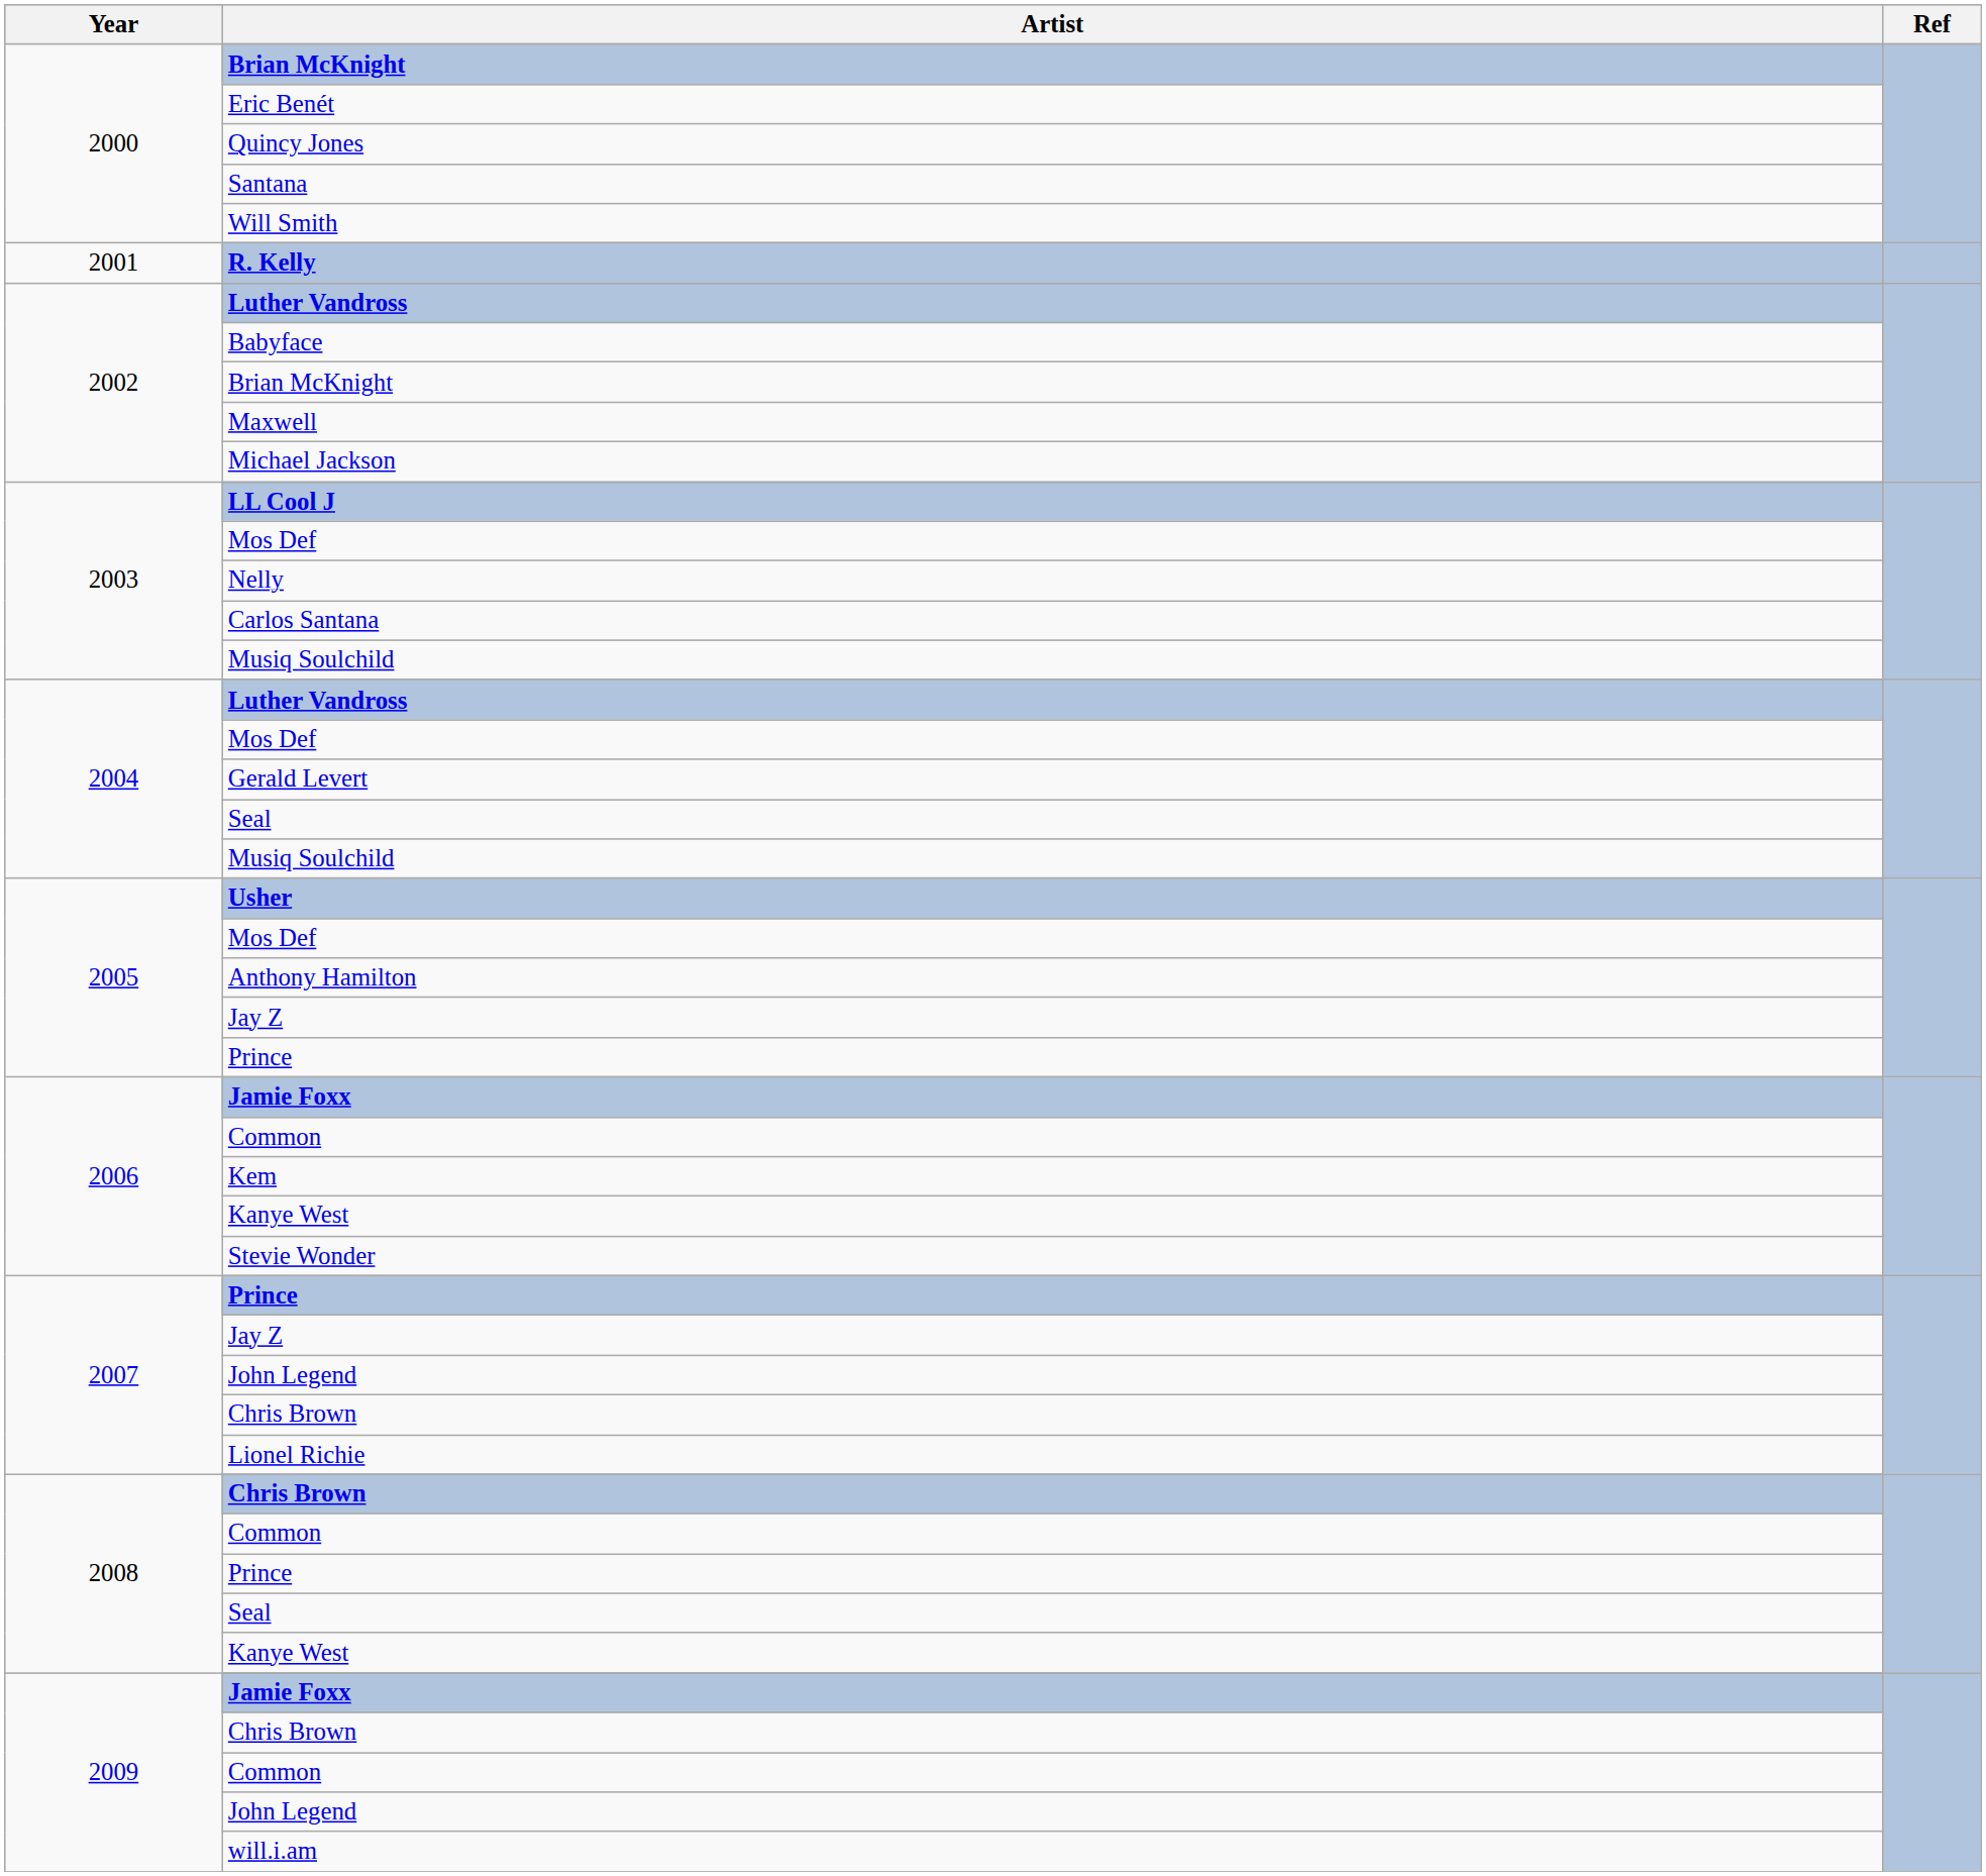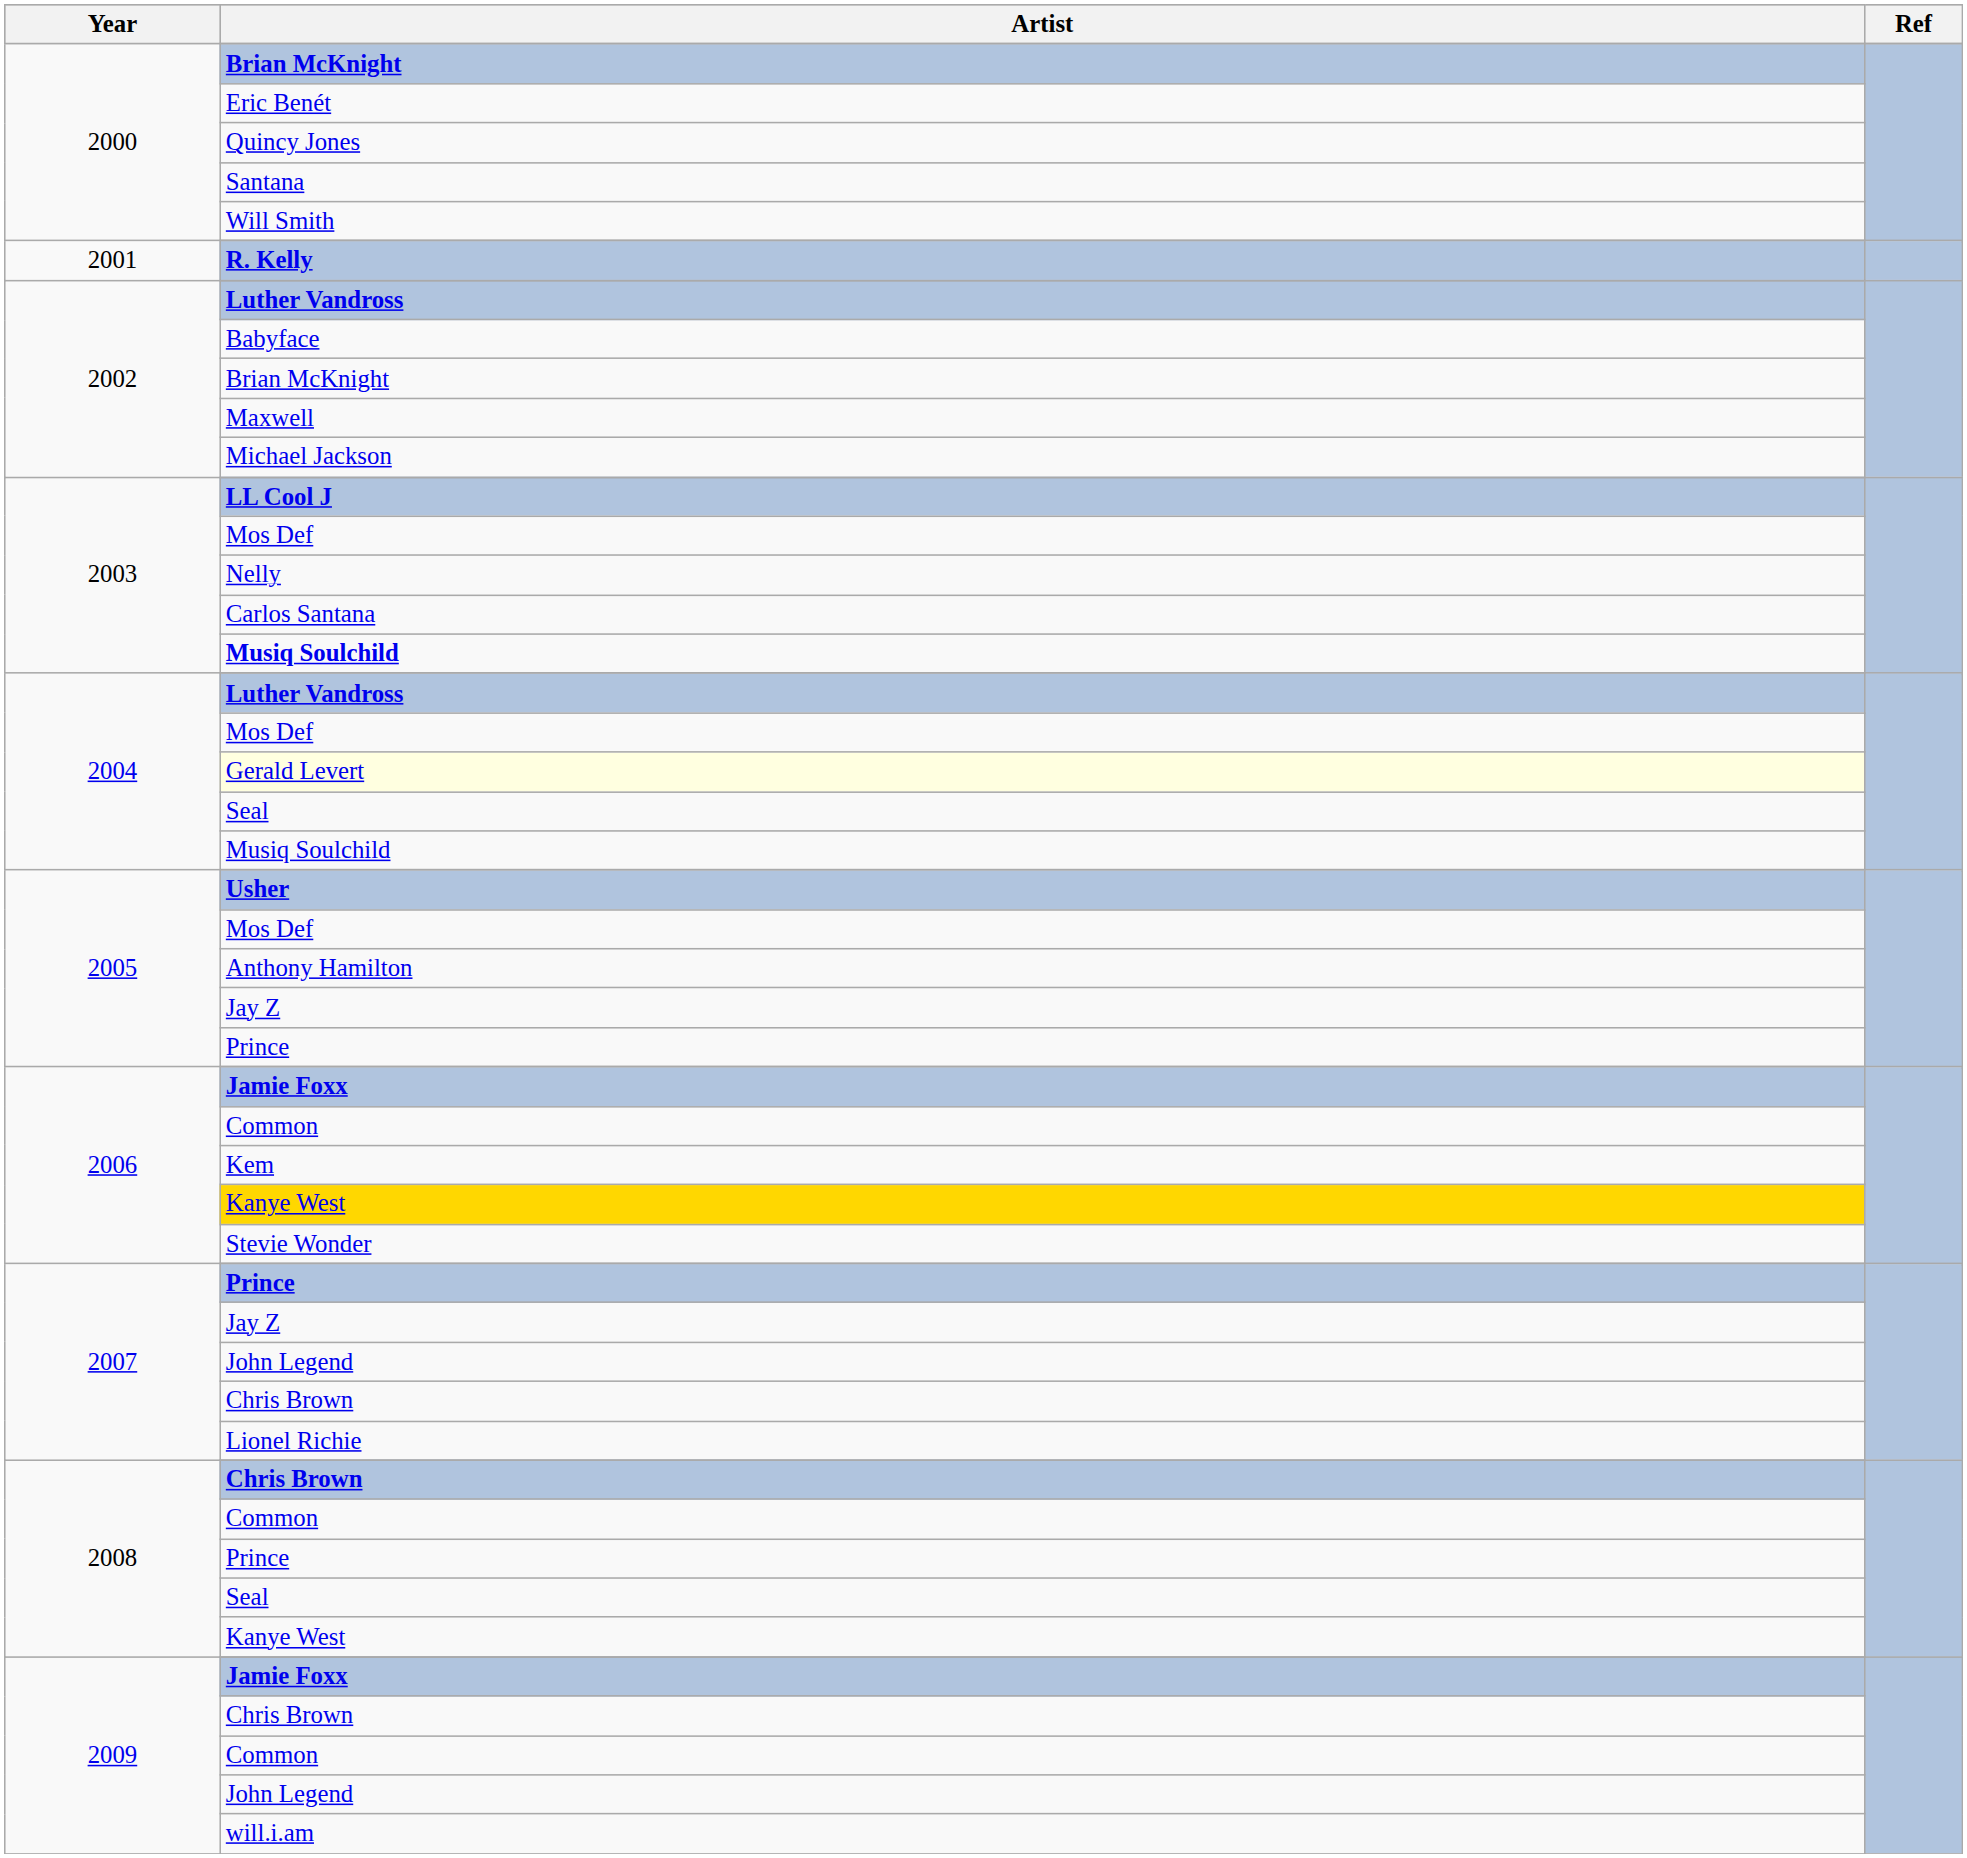 <table class="wikitable" style="width:100%;">
 <tr style="background:#bebebe;">
 <th style="width:11%;">Year</th>
 <th style="width:84%;">Artist</th>
 <th style="width:5%;">Ref</th>
 </tr>
 <tr>
 <td rowspan="6" align="center">2000</td>
 </tr>
 <tr style="background:#B0C4DE">
 <td><strong><a href='#'>Brian McKnight</a></strong></td>
 <td rowspan="6" align="center"></td>
 </tr>
 <tr>
 <td><a href='#'>Eric Benét</a></td>
 </tr>
 <tr>
 <td><a href='#'>Quincy Jones</a></td>
 </tr>
 <tr>
 <td><a href='#'>Santana</a></td>
 </tr>
 <tr>
 <td><a href='#'>Will Smith</a></td>
 </tr>
 <tr>
 <td rowspan="2" align="center">2001</td>
 </tr>
 <tr style="background:#B0C4DE">
 <td><strong><a href='#'>R. Kelly</a></strong></td>
 <td rowspan="2" align="center"></td>
 </tr>
 <tr>
 <td rowspan="6" align="center">2002</td>
 </tr>
 <tr style="background:#B0C4DE">
 <td><strong><a href='#'>Luther Vandross</a></strong></td>
 <td rowspan="6" align="center"></td>
 </tr>
 <tr>
 <td><a href='#'>Babyface</a></td>
 </tr>
 <tr>
 <td><a href='#'>Brian McKnight</a></td>
 </tr>
 <tr>
 <td><a href='#'>Maxwell</a></td>
 </tr>
 <tr>
 <td><a href='#'>Michael Jackson</a></td>
 </tr>
 <tr>
 <td rowspan="6" align="center">2003</td>
 </tr>
 <tr style="background:#B0C4DE">
 <td><strong><a href='#'>LL Cool J</a></strong></td>
 <td rowspan="6" align="center"></td>
 </tr>
 <tr>
 <td><a href='#'>Mos Def</a></td>
 </tr>
 <tr>
 <td><a href='#'>Nelly</a></td>
 </tr>
 <tr>
 <td><a href='#'>Carlos Santana</a></td>
 </tr>
 <tr>
-<td><a href='#'>Musiq Soulchild</a></td>
+<td><strong><a href='#'>Musiq Soulchild</a></strong></td>
 </tr>
 <tr>
 <td rowspan="6" align="center"><a href='#'>2004</a></td>
 </tr>
 <tr style="background:#B0C4DE">
 <td><strong><a href='#'>Luther Vandross</a></strong></td>
 <td rowspan="6" align="center"></td>
 </tr>
 <tr>
 <td><a href='#'>Mos Def</a></td>
 </tr>
 <tr>
-<td><a href='#'>Gerald Levert</a></td>
+<td style="background: lightyellow;"><a href='#'>Gerald Levert</a></td>
 </tr>
 <tr>
 <td><a href='#'>Seal</a></td>
 </tr>
 <tr>
 <td><a href='#'>Musiq Soulchild</a></td>
 </tr>
 <tr>
 <td rowspan="6" align="center"><a href='#'>2005</a></td>
 </tr>
 <tr style="background:#B0C4DE">
 <td><strong><a href='#'>Usher</a></strong></td>
 <td rowspan="6" align="center"></td>
 </tr>
 <tr>
 <td><a href='#'>Mos Def</a></td>
 </tr>
 <tr>
 <td><a href='#'>Anthony Hamilton</a></td>
 </tr>
 <tr>
 <td><a href='#'>Jay Z</a></td>
 </tr>
 <tr>
 <td><a href='#'>Prince</a></td>
 </tr>
 <tr>
 <td rowspan="6" align="center"><a href='#'>2006</a></td>
 </tr>
 <tr style="background:#B0C4DE">
 <td><strong><a href='#'>Jamie Foxx</a></strong></td>
 <td rowspan="6" align="center"></td>
 </tr>
 <tr>
 <td><a href='#'>Common</a></td>
 </tr>
 <tr>
 <td><a href='#'>Kem</a></td>
 </tr>
 <tr>
-<td><a href='#'>Kanye West</a></td>
+<td style="background: gold;"><a href='#'>Kanye West</a></td>
 </tr>
 <tr>
 <td><a href='#'>Stevie Wonder</a></td>
 </tr>
 <tr>
 <td rowspan="6" align="center"><a href='#'>2007</a></td>
 </tr>
 <tr style="background:#B0C4DE">
 <td><strong><a href='#'>Prince</a></strong></td>
 <td rowspan="6" align="center"></td>
 </tr>
 <tr>
 <td><a href='#'>Jay Z</a></td>
 </tr>
 <tr>
 <td><a href='#'>John Legend</a></td>
 </tr>
 <tr>
 <td><a href='#'>Chris Brown</a></td>
 </tr>
 <tr>
 <td><a href='#'>Lionel Richie</a></td>
 </tr>
 <tr>
 <td rowspan="6" align="center">2008</td>
 </tr>
 <tr style="background:#B0C4DE">
 <td><strong><a href='#'>Chris Brown</a></strong></td>
 <td rowspan="6" align="center"></td>
 </tr>
 <tr>
 <td><a href='#'>Common</a></td>
 </tr>
 <tr>
 <td><a href='#'>Prince</a></td>
 </tr>
 <tr>
 <td><a href='#'>Seal</a></td>
 </tr>
 <tr>
 <td><a href='#'>Kanye West</a></td>
 </tr>
 <tr>
 <td rowspan="6" align="center"><a href='#'>2009</a></td>
 </tr>
 <tr style="background:#B0C4DE">
 <td><strong><a href='#'>Jamie Foxx</a></strong></td>
 <td rowspan="6" align="center"></td>
 </tr>
 <tr>
 <td><a href='#'>Chris Brown</a></td>
 </tr>
 <tr>
 <td><a href='#'>Common</a></td>
 </tr>
 <tr>
 <td><a href='#'>John Legend</a></td>
 </tr>
 <tr>
 <td><a href='#'>will.i.am</a></td>
 </tr>
 </table>
